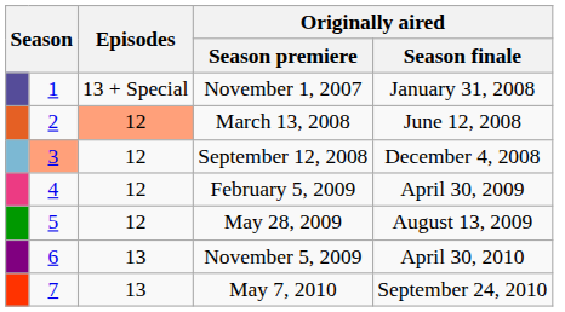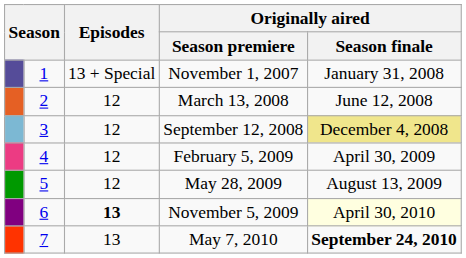 <table class="wikitable" |>
 <tr>
 <th colspan="2" rowspan="2">Season</th>
 <th rowspan="2">Episodes</th>
 <th colspan="2">Originally aired</th>
 </tr>
 <tr>
 <th>Season premiere</th>
 <th>Season finale</th>
 </tr>
 <tr>
 <td bgcolor=554C99 height="10px"></td>
 <td align="center"><a href='#'>1</a></td>
 <td align="center">13 + Special</td>
 <td align="center">November 1, 2007</td>
 <td align="center">January 31, 2008</td>
 </tr>
 <tr>
 <td bgcolor=E56024 height="10px"></td>
 <td align="center"><a href='#'>2</a></td>
-<td align="center" style="background: lightsalmon;">12</td>
+<td align="center">12</td>
 <td align="center">March 13, 2008</td>
 <td align="center">June 12, 2008</td>
 </tr>
 <tr>
 <td bgcolor="#7CB8D3" height="10px"></td>
-<td align="center" style="background: lightsalmon;"><a href='#'>3</a></td>
+<td align="center"><a href='#'>3</a></td>
 <td align="center">12</td>
 <td align="center">September 12, 2008</td>
-<td align="center">December 4, 2008</td>
+<td align="center" style="background: khaki;">December 4, 2008</td>
 </tr>
 <tr>
 <td bgcolor="#EC3B83" height="10px"></td>
 <td align="center"><a href='#'>4</a></td>
 <td align="center">12</td>
 <td align="center">February 5, 2009</td>
 <td align="center">April 30, 2009</td>
 </tr>
 <tr>
 <td bgcolor="#009900" height="10px"></td>
 <td align="center"><a href='#'>5</a></td>
 <td align="center">12</td>
 <td align="center">May 28, 2009</td>
 <td align="center">August 13, 2009</td>
 </tr>
 <tr>
 <td bgcolor="#800080" height="10px"></td>
 <td align="center"><a href='#'>6</a></td>
-<td align="center">13</td>
+<td align="center"><strong>13</strong></td>
 <td align="center">November 5, 2009</td>
-<td align="center">April 30, 2010</td>
+<td align="center" style="background: lightyellow;">April 30, 2010</td>
 </tr>
 <tr>
 <td bgcolor="#FF3300" height="10px"></td>
 <td align="center"><a href='#'>7</a></td>
 <td align="center">13</td>
 <td align="center">May 7, 2010</td>
-<td align="center">September 24, 2010</td>
+<td align="center"><strong>September 24, 2010</strong></td>
 </tr>
 </table>
